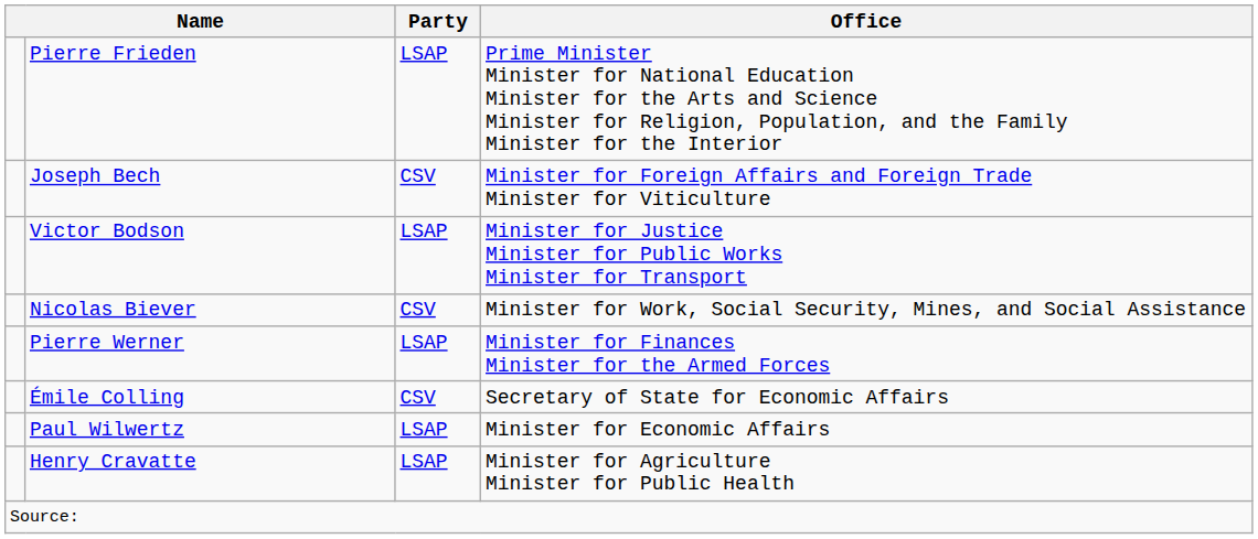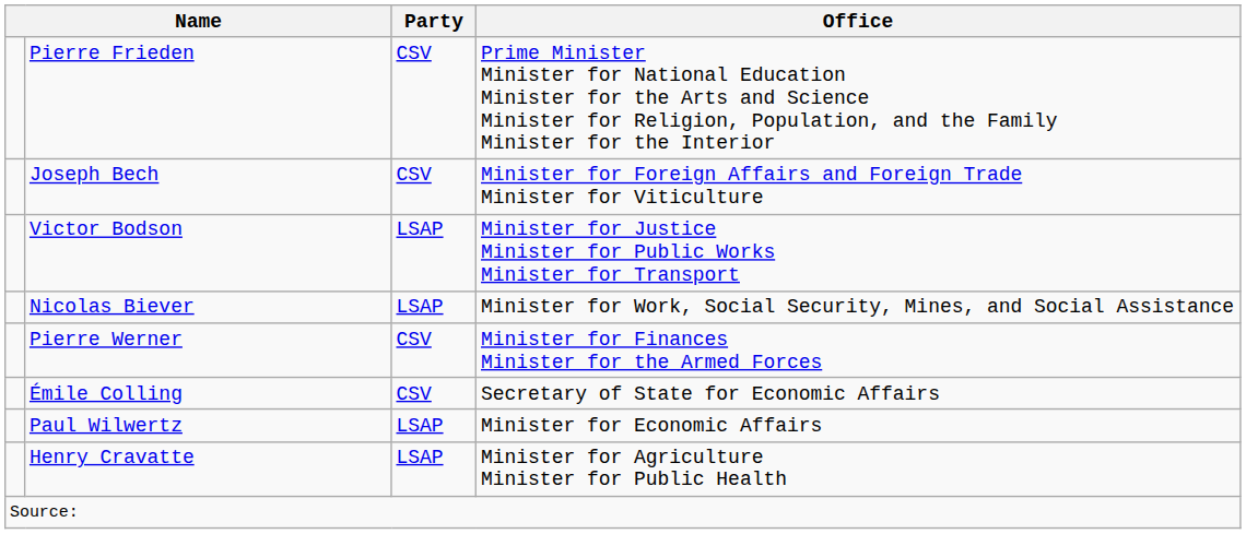 <table class="wikitable">
 <tr>
 <th colspan=2 width=250px>Name</th>
 <th width=50px>Party</th>
 <th width=500px>Office</th>
 </tr>
 <tr>
 <td style="background-color: "></td>
 <td valign=top><a href='#'>Pierre Frieden</a></td>
-<td valign=top><a href='#'>LSAP</a></td>
+<td valign=top><a href='#'>CSV</a></td>
 <td><a href='#'>Prime Minister</a> <br> Minister for National Education <br> Minister for the Arts and Science <br> Minister for Religion, Population, and the Family <br> Minister for the Interior</td>
 </tr>
 <tr>
 <td style="background-color: "></td>
 <td valign=top><a href='#'>Joseph Bech</a></td>
 <td valign=top><a href='#'>CSV</a></td>
 <td><a href='#'>Minister for Foreign Affairs and Foreign Trade</a> <br> Minister for Viticulture</td>
 </tr>
 <tr>
 <td style="background-color: "></td>
 <td valign=top><a href='#'>Victor Bodson</a></td>
 <td valign=top><a href='#'>LSAP</a></td>
 <td><a href='#'>Minister for Justice</a> <br> <a href='#'>Minister for Public Works</a> <br> <a href='#'>Minister for Transport</a></td>
 </tr>
 <tr>
 <td style="background-color: "></td>
 <td valign=top><a href='#'>Nicolas Biever</a></td>
-<td valign=top><a href='#'>CSV</a></td>
+<td valign=top><a href='#'>LSAP</a></td>
 <td>Minister for Work, Social Security, Mines, and Social Assistance</td>
 </tr>
 <tr>
 <td style="background-color: "></td>
 <td valign=top><a href='#'>Pierre Werner</a></td>
-<td valign=top><a href='#'>LSAP</a></td>
+<td valign=top><a href='#'>CSV</a></td>
 <td><a href='#'>Minister for Finances</a> <br> <a href='#'>Minister for the Armed Forces</a></td>
 </tr>
 <tr>
 <td style="background-color: "></td>
 <td valign=top><a href='#'>Émile Colling</a></td>
 <td valign=top><a href='#'>CSV</a></td>
 <td>Secretary of State for Economic Affairs</td>
 </tr>
 <tr>
 <td style="background-color: "></td>
 <td valign=top><a href='#'>Paul Wilwertz</a></td>
 <td valign=top><a href='#'>LSAP</a></td>
 <td>Minister for Economic Affairs</td>
 </tr>
 <tr>
 <td style="background-color: "></td>
 <td valign=top><a href='#'>Henry Cravatte</a></td>
 <td valign=top><a href='#'>LSAP</a></td>
 <td>Minister for Agriculture <br> Minister for Public Health</td>
 </tr>
 <tr>
 <td colspan=4><small>Source: </small></td>
 </tr>
 </table>
